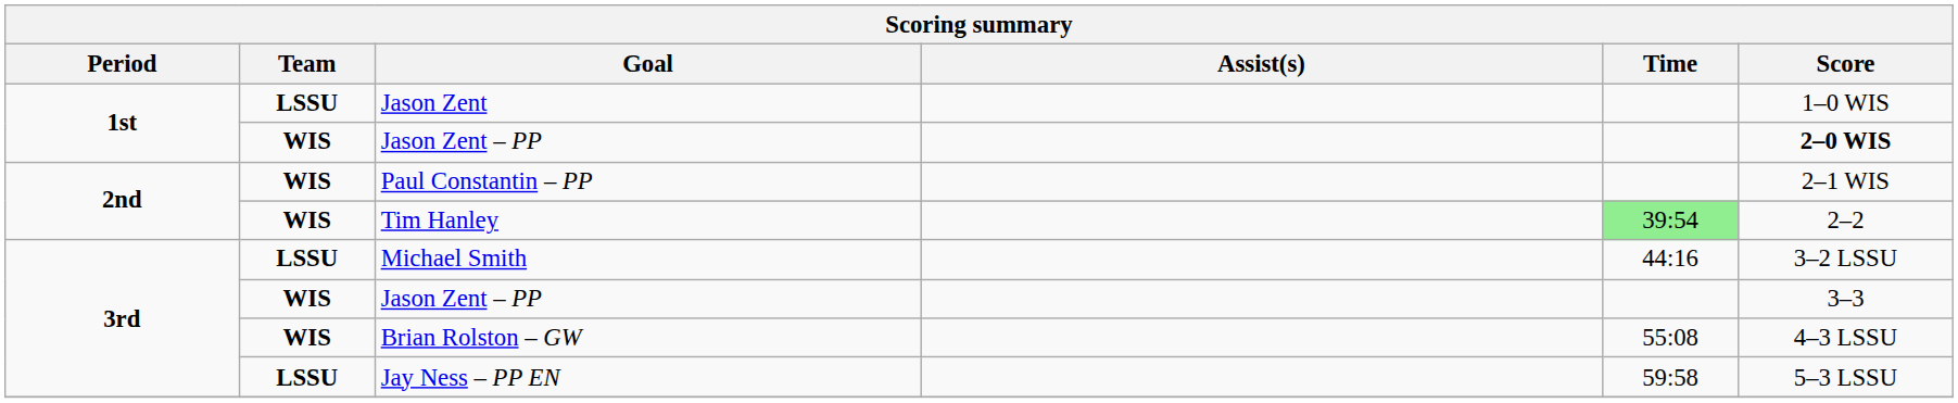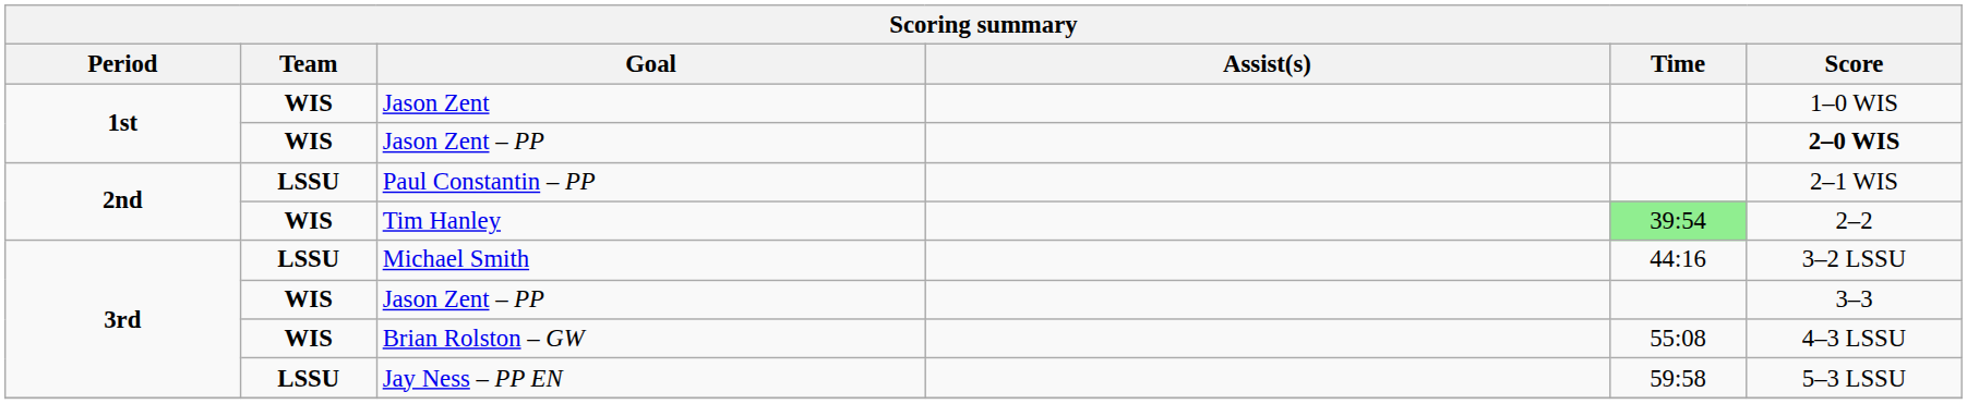 <table style="width:100%;" class="wikitable">
 <tr>
 <th colspan=6>Scoring summary</th>
 </tr>
 <tr>
 <th style="width:12%;">Period</th>
 <th style="width:7%;">Team</th>
 <th style="width:28%;">Goal</th>
 <th style="width:35%;">Assist(s)</th>
 <th style="width:7%;">Time</th>
 <th style="width:11%;">Score</th>
 </tr>
 <tr>
 <td style="text-align:center;" rowspan="2"><strong>1st</strong></td>
-<td align=center><strong>LSSU</strong></td>
+<td align=center><strong>WIS</strong></td>
 <td><a href='#'>Jason Zent</a></td>
 <td></td>
 <td align=center></td>
 <td align=center>1–0 WIS</td>
 </tr>
 <tr>
 <td align=center><strong>WIS</strong></td>
 <td><a href='#'>Jason Zent</a> – <em>PP</em></td>
 <td></td>
 <td align=center></td>
 <td align=center><strong>2–0 WIS</strong></td>
 </tr>
 <tr>
 <td style="text-align:center;" rowspan="2"><strong>2nd</strong></td>
-<td align=center><strong>WIS</strong></td>
+<td align=center><strong>LSSU</strong></td>
 <td><a href='#'>Paul Constantin</a> – <em>PP</em></td>
 <td></td>
 <td align=center></td>
 <td align=center>2–1 WIS</td>
 </tr>
 <tr>
 <td align=center><strong>WIS</strong></td>
 <td><a href='#'>Tim Hanley</a></td>
 <td></td>
 <td align=center style="background: lightgreen;">39:54</td>
 <td align=center>2–2</td>
 </tr>
 <tr>
 <td style="text-align:center;" rowspan="4"><strong>3rd</strong></td>
 <td align=center><strong>LSSU</strong></td>
 <td><a href='#'>Michael Smith</a></td>
 <td></td>
 <td align=center>44:16</td>
 <td align=center>3–2 LSSU</td>
 </tr>
 <tr>
 <td align=center><strong>WIS</strong></td>
 <td><a href='#'>Jason Zent</a> – <em>PP</em></td>
 <td></td>
 <td align=center></td>
 <td align=center>3–3</td>
 </tr>
 <tr>
 <td align=center><strong>WIS</strong></td>
 <td><a href='#'>Brian Rolston</a> – <em>GW</em></td>
 <td></td>
 <td align=center>55:08</td>
 <td align=center>4–3 LSSU</td>
 </tr>
 <tr>
 <td align=center><strong>LSSU</strong></td>
 <td><a href='#'>Jay Ness</a> – <em>PP EN</em></td>
 <td></td>
 <td align=center>59:58</td>
 <td align=center>5–3 LSSU</td>
 </tr>
 <tr>
 </tr>
 </table>
